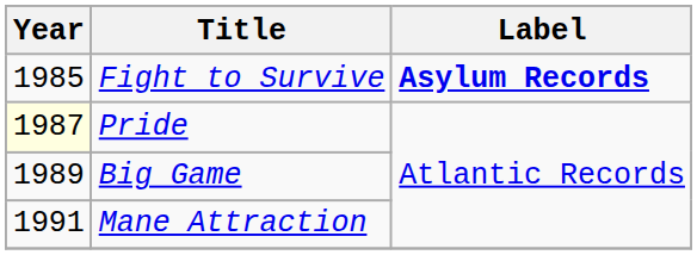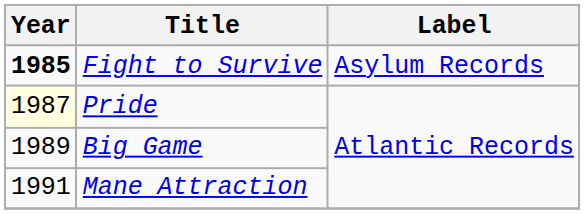 <table class="wikitable">
 <tr>
 <th>Year</th>
 <th>Title</th>
 <th>Label</th>
 </tr>
 <tr>
-<td>1985</td>
+<td><strong>1985</strong></td>
 <td><em><a href='#'>Fight to Survive</a></em></td>
-<td><strong><a href='#'>Asylum Records</a></strong></td>
+<td><a href='#'>Asylum Records</a></td>
 </tr>
 <tr>
 <td style="background: lightyellow;">1987</td>
 <td><em><a href='#'>Pride</a></em></td>
 <td rowspan="3"><a href='#'>Atlantic Records</a></td>
 </tr>
 <tr>
 <td>1989</td>
 <td><em><a href='#'>Big Game</a></em></td>
 </tr>
 <tr>
 <td>1991</td>
 <td><em><a href='#'>Mane Attraction</a></em></td>
 </tr>
 <tr>
 </tr>
 </table>
